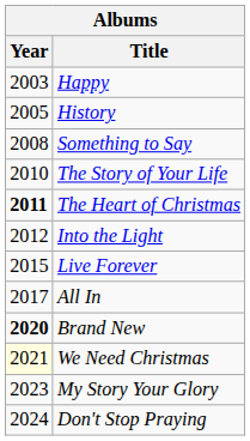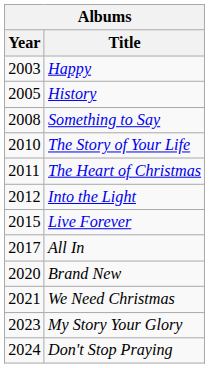 <table class="wikitable">
 <tr>
 <th colspan=2>Albums</th>
 </tr>
 <tr>
 <th>Year</th>
 <th>Title</th>
 </tr>
 <tr>
 <td>2003</td>
 <td><em><a href='#'>Happy</a></em></td>
 </tr>
 <tr>
 <td>2005</td>
 <td><em><a href='#'>History</a></em></td>
 </tr>
 <tr>
 <td>2008</td>
 <td><em><a href='#'>Something to Say</a></em></td>
 </tr>
 <tr>
 <td>2010</td>
 <td><em><a href='#'>The Story of Your Life</a></em></td>
 </tr>
 <tr>
-<td><strong>2011</strong></td>
+<td>2011</td>
 <td><em><a href='#'>The Heart of Christmas</a></em></td>
 </tr>
 <tr>
 <td>2012</td>
 <td><em><a href='#'>Into the Light</a></em></td>
 </tr>
 <tr>
 <td>2015</td>
 <td><em><a href='#'>Live Forever</a></em></td>
 </tr>
 <tr>
 <td>2017</td>
 <td><em>All In</em></td>
 </tr>
 <tr>
-<td><strong>2020</strong></td>
+<td>2020</td>
 <td><em>Brand New</em></td>
 </tr>
 <tr>
-<td style="background: lightyellow;">2021</td>
+<td>2021</td>
 <td><em>We Need Christmas</em></td>
 </tr>
 <tr>
 <td>2023</td>
 <td><em>My Story Your Glory</em></td>
 </tr>
 <tr>
 <td>2024</td>
 <td><em>Don't Stop Praying</em></td>
 </tr>
 </table>
